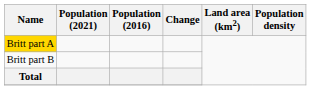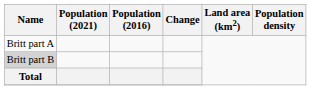 <table class="wikitable sortable collapsible">
 <tr>
 <th scope="col">Name</th>
 <th scope="col">Population<br>(2021)</th>
 <th scope="col">Population<br>(2016)</th>
 <th scope="col">Change</th>
 <th scope="col">Land area<br>(km<sup>2</sup>)</th>
 <th scope="col">Population<br>density</th>
 </tr>
 <tr>
-<td scope="row" style="background: gold;">Britt part A</td>
+<td scope="row">Britt part A</td>
 <td></td>
 <td align=center></td>
 <td align=center></td>
 </tr>
 <tr>
-<td scope="row">Britt part B</td>
+<td scope="row" style="background: lightgrey;">Britt part B</td>
 <td></td>
 <td align=center></td>
 <td align=center></td>
 </tr>
 <tr class="sortbottom" align="center" style="background: #f2f2f2;">
 <td><strong>Total</strong></td>
 <td></td>
 <td align=center><strong></strong></td>
 <td><strong></strong></td>
 </tr>
 <tr>
 </tr>
 </table>
